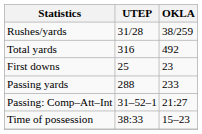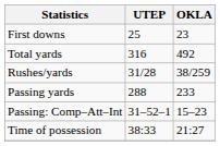 <table class="wikitable" style="float: left;">
 <tr>
 <th>Statistics</th>
 <th>UTEP</th>
 <th>OKLA</th>
 </tr>
 <tr>
-<td>Rushes/yards</td>
-<td>31/28</td>
-<td>38/259</td>
+<td>First downs</td>
+<td>25</td>
+<td>23</td>
 </tr>
 <tr>
 <td>Total yards</td>
 <td>316</td>
 <td>492</td>
 </tr>
 <tr>
-<td>First downs</td>
-<td>25</td>
-<td>23</td>
+<td>Rushes/yards</td>
+<td>31/28</td>
+<td>38/259</td>
 </tr>
 <tr>
 <td>Passing yards</td>
 <td>288</td>
 <td>233</td>
 </tr>
 <tr>
 <td>Passing: Comp–Att–Int</td>
 <td>31–52–1</td>
-<td>21:27</td>
+<td>15–23</td>
 </tr>
 <tr>
 <td>Time of possession</td>
 <td>38:33</td>
-<td>15–23</td>
+<td>21:27</td>
 </tr>
 <tr>
 </tr>
 </table>
